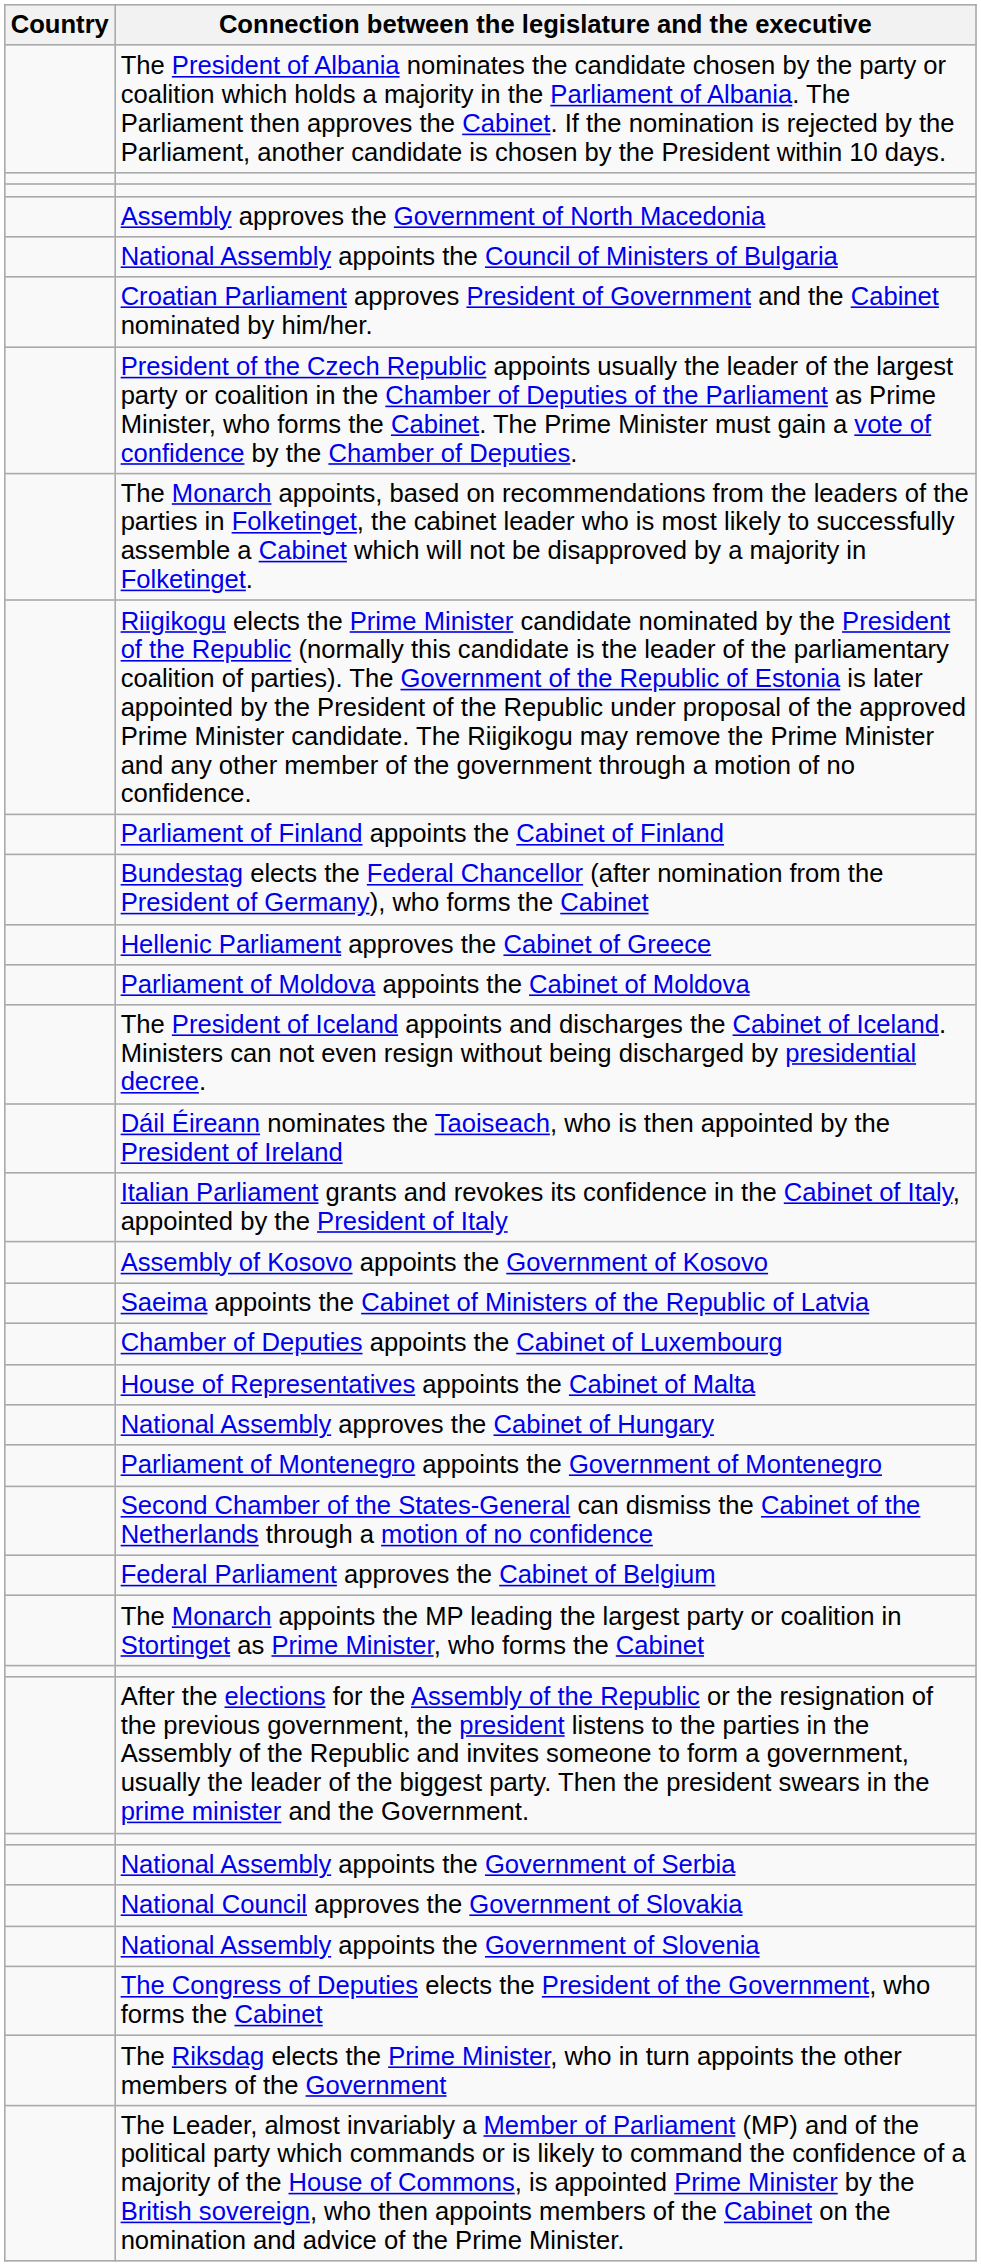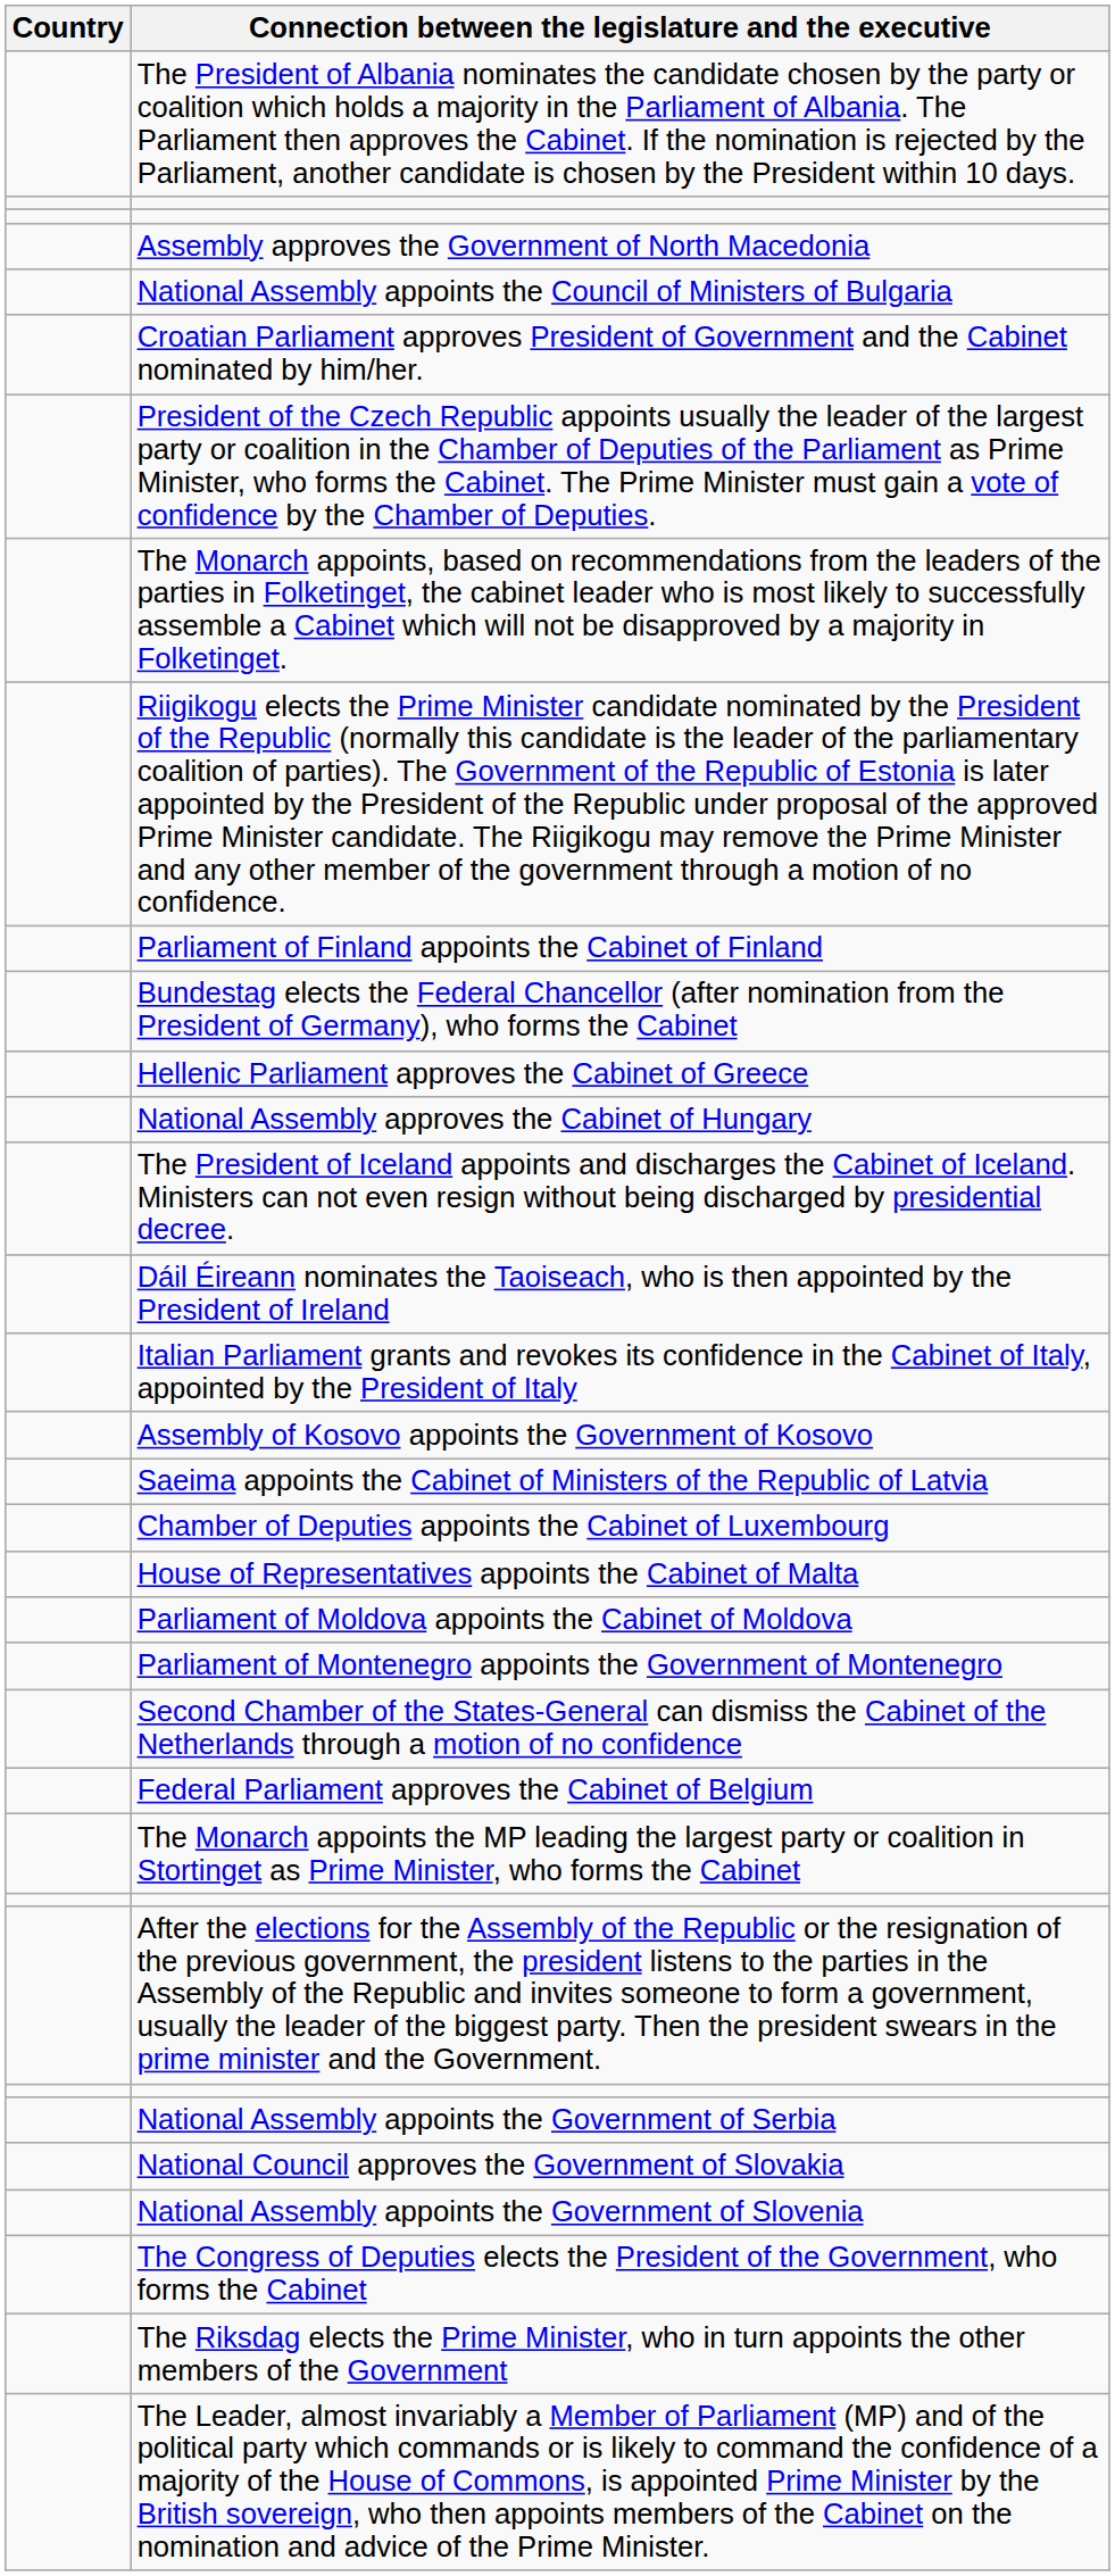 <table class="wikitable">
 <tr>
 <th>Country</th>
 <th>Connection between the legislature and the executive</th>
 </tr>
 <tr>
 <td></td>
 <td>The <a href='#'>President of Albania</a> nominates the candidate chosen by the party or coalition which holds a majority in the <a href='#'>Parliament of Albania</a>. The Parliament then approves the <a href='#'>Cabinet</a>. If the nomination is rejected by the Parliament, another candidate is chosen by the President within 10 days.</td>
 </tr>
 <tr>
 <td></td>
 <td></td>
 </tr>
 <tr>
 <td></td>
 <td></td>
 </tr>
 <tr>
 <td></td>
 <td><a href='#'>Assembly</a> approves the <a href='#'>Government of North Macedonia</a></td>
 </tr>
 <tr>
 <td></td>
 <td><a href='#'>National Assembly</a> appoints the <a href='#'>Council of Ministers of Bulgaria</a></td>
 </tr>
 <tr>
 <td></td>
 <td><a href='#'>Croatian Parliament</a> approves <a href='#'>President of Government</a> and the <a href='#'>Cabinet</a> nominated by him/her.</td>
 </tr>
 <tr>
 <td></td>
 <td><a href='#'>President of the Czech Republic</a> appoints usually the leader of the largest party or coalition in the <a href='#'>Chamber of Deputies of the Parliament</a> as Prime Minister, who forms the <a href='#'>Cabinet</a>. The Prime Minister must gain a <a href='#'>vote of confidence</a> by the <a href='#'>Chamber of Deputies</a>.</td>
 </tr>
 <tr>
 <td></td>
 <td>The <a href='#'>Monarch</a> appoints, based on recommendations from the leaders of the parties in <a href='#'>Folketinget</a>, the cabinet leader who is most likely to successfully assemble a <a href='#'>Cabinet</a> which will not be disapproved by a majority in <a href='#'>Folketinget</a>.</td>
 </tr>
 <tr>
 <td></td>
 <td><a href='#'>Riigikogu</a> elects the <a href='#'>Prime Minister</a> candidate nominated by the <a href='#'>President of the Republic</a> (normally this candidate is the leader of the parliamentary coalition of parties). The <a href='#'>Government of the Republic of Estonia</a> is later appointed by the President of the Republic under proposal of the approved Prime Minister candidate. The Riigikogu may remove the Prime Minister and any other member of the government through a motion of no confidence.</td>
 </tr>
 <tr>
 <td></td>
 <td><a href='#'>Parliament of Finland</a> appoints the <a href='#'>Cabinet of Finland</a></td>
 </tr>
 <tr>
 <td></td>
 <td><a href='#'>Bundestag</a> elects the <a href='#'>Federal Chancellor</a> (after nomination from the <a href='#'>President of Germany</a>), who forms the <a href='#'>Cabinet</a></td>
 </tr>
 <tr>
 <td></td>
 <td><a href='#'>Hellenic Parliament</a> approves the <a href='#'>Cabinet of Greece</a></td>
 </tr>
 <tr>
 <td></td>
-<td><a href='#'>Parliament of Moldova</a> appoints the <a href='#'>Cabinet of Moldova</a></td>
+<td><a href='#'>National Assembly</a> approves the <a href='#'>Cabinet of Hungary</a></td>
 </tr>
 <tr>
 <td></td>
 <td>The <a href='#'>President of Iceland</a> appoints and discharges the <a href='#'>Cabinet of Iceland</a>. Ministers can not even resign without being discharged by <a href='#'>presidential decree</a>.</td>
 </tr>
 <tr>
 <td></td>
 <td><a href='#'>Dáil Éireann</a> nominates the <a href='#'>Taoiseach</a>, who is then appointed by the <a href='#'>President of Ireland</a></td>
 </tr>
 <tr>
 <td></td>
 <td><a href='#'>Italian Parliament</a> grants and revokes its confidence in the <a href='#'>Cabinet of Italy</a>, appointed by the <a href='#'>President of Italy</a></td>
 </tr>
 <tr>
 <td></td>
 <td><a href='#'>Assembly of Kosovo</a> appoints the <a href='#'>Government of Kosovo</a></td>
 </tr>
 <tr>
 <td></td>
 <td><a href='#'>Saeima</a> appoints the <a href='#'>Cabinet of Ministers of the Republic of Latvia</a></td>
 </tr>
 <tr>
 <td></td>
 <td><a href='#'>Chamber of Deputies</a> appoints the <a href='#'>Cabinet of Luxembourg</a></td>
 </tr>
 <tr>
 <td></td>
 <td><a href='#'>House of Representatives</a> appoints the <a href='#'>Cabinet of Malta</a></td>
 </tr>
 <tr>
 <td></td>
-<td><a href='#'>National Assembly</a> approves the <a href='#'>Cabinet of Hungary</a></td>
+<td><a href='#'>Parliament of Moldova</a> appoints the <a href='#'>Cabinet of Moldova</a></td>
 </tr>
 <tr>
 <td></td>
 <td><a href='#'>Parliament of Montenegro</a> appoints the <a href='#'>Government of Montenegro</a></td>
 </tr>
 <tr>
 <td></td>
 <td><a href='#'>Second Chamber of the States-General</a> can dismiss the <a href='#'>Cabinet of the Netherlands</a> through a <a href='#'>motion of no confidence</a></td>
 </tr>
 <tr>
 <td></td>
 <td><a href='#'>Federal Parliament</a> approves the <a href='#'>Cabinet of Belgium</a></td>
 </tr>
 <tr>
 <td></td>
 <td>The <a href='#'>Monarch</a> appoints the MP leading the largest party or coalition in <a href='#'>Stortinget</a> as <a href='#'>Prime Minister</a>, who forms the <a href='#'>Cabinet</a></td>
 </tr>
 <tr>
 <td></td>
 <td></td>
 </tr>
 <tr>
 <td></td>
 <td>After the <a href='#'>elections</a> for the <a href='#'>Assembly of the Republic</a> or the resignation of the previous government, the <a href='#'>president</a> listens to the parties in the Assembly of the Republic and invites someone to form a government, usually the leader of the biggest party. Then the president swears in the <a href='#'>prime minister</a> and the Government.</td>
 </tr>
 <tr>
 <td></td>
 <td></td>
 </tr>
 <tr>
 <td></td>
 <td><a href='#'>National Assembly</a> appoints the <a href='#'>Government of Serbia</a></td>
 </tr>
 <tr>
 <td></td>
 <td><a href='#'>National Council</a> approves the <a href='#'>Government of Slovakia</a></td>
 </tr>
 <tr>
 <td></td>
 <td><a href='#'>National Assembly</a> appoints the <a href='#'>Government of Slovenia</a></td>
 </tr>
 <tr>
 <td></td>
 <td><a href='#'>The Congress of Deputies</a> elects the <a href='#'>President of the Government</a>, who forms the <a href='#'>Cabinet</a></td>
 </tr>
 <tr>
 <td></td>
 <td>The <a href='#'>Riksdag</a> elects the <a href='#'>Prime Minister</a>, who in turn appoints the other members of the <a href='#'>Government</a></td>
 </tr>
 <tr>
 <td></td>
 <td>The Leader, almost invariably a <a href='#'>Member of Parliament</a> (MP) and of the political party which commands or is likely to command the confidence of a majority of the <a href='#'>House of Commons</a>, is appointed <a href='#'>Prime Minister</a> by the <a href='#'>British sovereign</a>, who then appoints members of the <a href='#'>Cabinet</a> on the nomination and advice of the Prime Minister.</td>
 </tr>
 </table>
